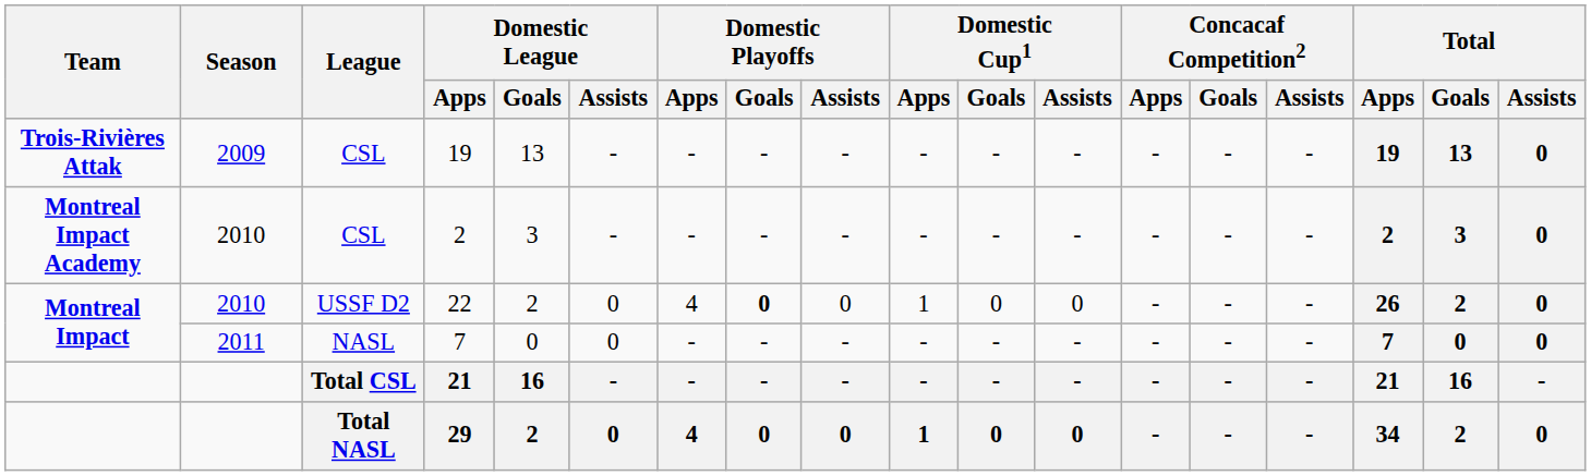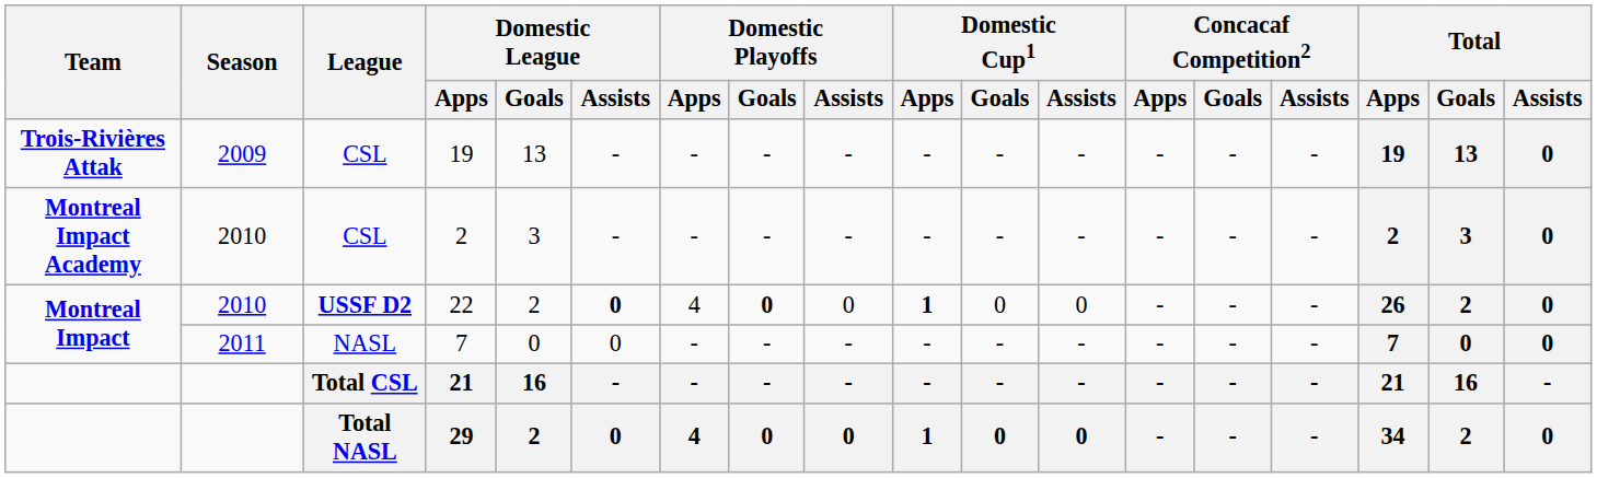 <table class="wikitable" style=font-size:90% text-align: center width=75%>
 <tr>
 <th rowspan=2 width=10%><strong>Team</strong></th>
 <th rowspan=2 width=7%><strong>Season</strong></th>
 <th rowspan=2 width=7%><strong>League</strong></th>
 <th colspan=3 width=10%>Domestic<br>League</th>
 <th colspan=3 width=10%>Domestic<br>Playoffs</th>
 <th colspan=3 width=10%>Domestic<br>Cup<sup>1</sup></th>
 <th colspan=3 width=10%>Concacaf<br>Competition<sup>2</sup></th>
 <th colspan=3 width=10%>Total</th>
 </tr>
 <tr>
 <th align=center><strong>Apps</strong></th>
 <th align=center><strong>Goals</strong></th>
 <th align=center><strong>Assists</strong></th>
 <th align=center><strong>Apps</strong></th>
 <th align=center><strong>Goals</strong></th>
 <th align=center><strong>Assists</strong></th>
 <th align=center><strong>Apps</strong></th>
 <th align=center><strong>Goals</strong></th>
 <th align=center><strong>Assists</strong></th>
 <th align=center><strong>Apps</strong></th>
 <th align=center><strong>Goals</strong></th>
 <th align=center><strong>Assists</strong></th>
 <th align=center><strong>Apps</strong></th>
 <th align=center><strong>Goals</strong></th>
 <th align=center><strong>Assists</strong></th>
 </tr>
 <tr>
 <td rowspan=1 align=center><strong><a href='#'>Trois-Rivières Attak</a></strong></td>
 <td align=center><a href='#'>2009</a></td>
 <td align=center><a href='#'>CSL</a></td>
 <td align=center>19</td>
 <td align=center>13</td>
 <td align=center>-</td>
 <td align=center>-</td>
 <td align=center>-</td>
 <td align=center>-</td>
 <td align=center>-</td>
 <td align=center>-</td>
 <td align=center>-</td>
 <td align=center>-</td>
 <td align=center>-</td>
 <td align=center>-</td>
 <th align=center><strong>19</strong></th>
 <th align=center><strong>13</strong></th>
 <th align=center><strong>0</strong></th>
 </tr>
 <tr>
 <td rowspan=1 align=center><strong><a href='#'>Montreal Impact Academy</a></strong></td>
 <td align=center>2010</td>
 <td align=center><a href='#'>CSL</a></td>
 <td align=center>2</td>
 <td align=center>3</td>
 <td align=center>-</td>
 <td align=center>-</td>
 <td align=center>-</td>
 <td align=center>-</td>
 <td align=center>-</td>
 <td align=center>-</td>
 <td align=center>-</td>
 <td align=center>-</td>
 <td align=center>-</td>
 <td align=center>-</td>
 <th align=center><strong>2</strong></th>
 <th align=center><strong>3</strong></th>
 <th align=center><strong>0</strong></th>
 </tr>
 <tr>
 <td rowspan=2 align=center><strong><a href='#'>Montreal Impact</a></strong></td>
 <td align=center><a href='#'>2010</a></td>
-<td align=center><a href='#'>USSF D2</a></td>
+<td align=center><strong><a href='#'>USSF D2</a></strong></td>
 <td align=center>22</td>
 <td align=center>2</td>
-<td align=center>0</td>
+<td align=center><strong>0</strong></td>
 <td align=center>4</td>
 <td align=center><strong>0</strong></td>
 <td align=center>0</td>
-<td align=center>1</td>
+<td align=center><strong>1</strong></td>
 <td align=center>0</td>
 <td align=center>0</td>
 <td align=center>-</td>
 <td align=center>-</td>
 <td align=center>-</td>
 <th align=center><strong>26</strong></th>
 <th align=center><strong>2</strong></th>
 <th align=center><strong>0</strong></th>
 </tr>
 <tr>
 <td align=center><a href='#'>2011</a></td>
 <td align=center><a href='#'>NASL</a></td>
 <td align=center>7</td>
 <td align=center>0</td>
 <td align=center>0</td>
 <td align=center>-</td>
 <td align=center>-</td>
 <td align=center>-</td>
 <td align=center>-</td>
 <td align=center>-</td>
 <td align=center>-</td>
 <td align=center>-</td>
 <td align=center>-</td>
 <td align=center>-</td>
 <th align=center><strong>7</strong></th>
 <th align=center><strong>0</strong></th>
 <th align=center><strong>0</strong></th>
 </tr>
 <tr>
 <td></td>
 <td></td>
 <th>Total <a href='#'>CSL</a></th>
 <th>21</th>
 <th>16</th>
 <th>-</th>
 <th>-</th>
 <th>-</th>
 <th>-</th>
 <th>-</th>
 <th>-</th>
 <th>-</th>
 <th>-</th>
 <th>-</th>
 <th>-</th>
 <th>21</th>
 <th>16</th>
 <th>-</th>
 </tr>
 <tr>
 <td></td>
 <td></td>
 <th>Total <a href='#'>NASL</a></th>
 <th>29</th>
 <th>2</th>
 <th>0</th>
 <th>4</th>
 <th>0</th>
 <th>0</th>
 <th>1</th>
 <th>0</th>
 <th>0</th>
 <th>-</th>
 <th>-</th>
 <th>-</th>
 <th>34</th>
 <th>2</th>
 <th>0</th>
 </tr>
 </table>
